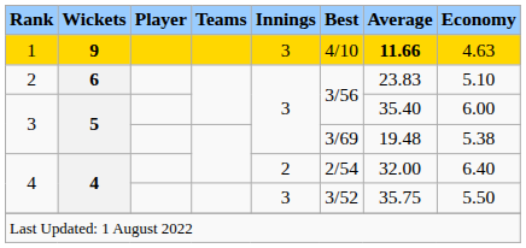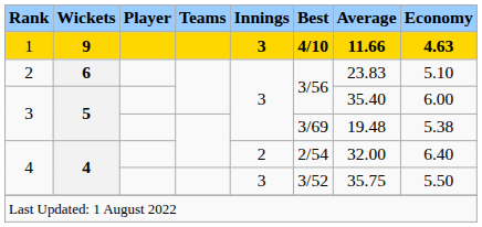 <table class="wikitable plainrowheaders sortable">
 <tr>
 <th scope=col style="background:#9cf;">Rank</th>
 <th scope=col style="background:#9cf;">Wickets</th>
 <th scope=col style="background:#9cf;">Player</th>
 <th scope=col style="background:#9cf;">Teams</th>
 <th scope=col style="background:#9cf;">Innings</th>
 <th scope=col style="background:#9cf;">Best</th>
 <th scope=col style="background:#9cf;">Average</th>
 <th scope=col style="background:#9cf;">Economy</th>
 </tr>
 <tr>
 <td style="text-align:center; background:gold;">1</td>
 <th scope="row"  style="text-align:center; background:gold;"><strong>9</strong></th>
 <td style="background:gold;"></td>
 <td style="text-align:center; background:gold;"></td>
-<td style="text-align:center; background:gold;">3</td>
-<td style="text-align:center; background:gold;">4/10</td>
+<td style="text-align:center; background:gold;"><strong>3</strong></td>
+<td style="text-align:center; background:gold;"><strong>4/10</strong></td>
 <td style="text-align:center; background:gold;"><strong>11.66</strong></td>
-<td style="text-align:center; background:gold;">4.63</td>
+<td style="text-align:center; background:gold;"><strong>4.63</strong></td>
 </tr>
 <tr>
 <td align=center>2</td>
 <th scope=row style=text-align:center;><strong>6</strong></th>
 <td></td>
 <td align=center rowspan=2></td>
 <td align=center rowspan=3>3</td>
 <td align=center rowspan=2>3/56</td>
 <td align=center>23.83</td>
 <td align=center>5.10</td>
 </tr>
 <tr>
 <td align=center rowspan=2>3</td>
 <th scope=row style=text-align:center; rowspan=2><strong>5</strong></th>
 <td></td>
 <td align=center>35.40</td>
 <td align=center>6.00</td>
 </tr>
 <tr>
 <td></td>
 <td align=center rowspan=2></td>
 <td align=center>3/69</td>
 <td align=center>19.48</td>
 <td align=center>5.38</td>
 </tr>
 <tr>
 <td align=center rowspan=2>4</td>
 <th scope=row style=text-align:center; rowspan=2><strong>4</strong></th>
 <td></td>
 <td align=center>2</td>
 <td align=center>2/54</td>
 <td align=center>32.00</td>
 <td align=center>6.40</td>
 </tr>
 <tr>
 <td></td>
 <td align=center></td>
 <td align=center>3</td>
 <td align=center>3/52</td>
 <td align=center>35.75</td>
 <td align=center>5.50</td>
 </tr>
 <tr>
 </tr>
 <tr class=sortbottom>
 <td colspan=9><small>Last Updated: 1 August 2022</small></td>
 </tr>
 </table>
